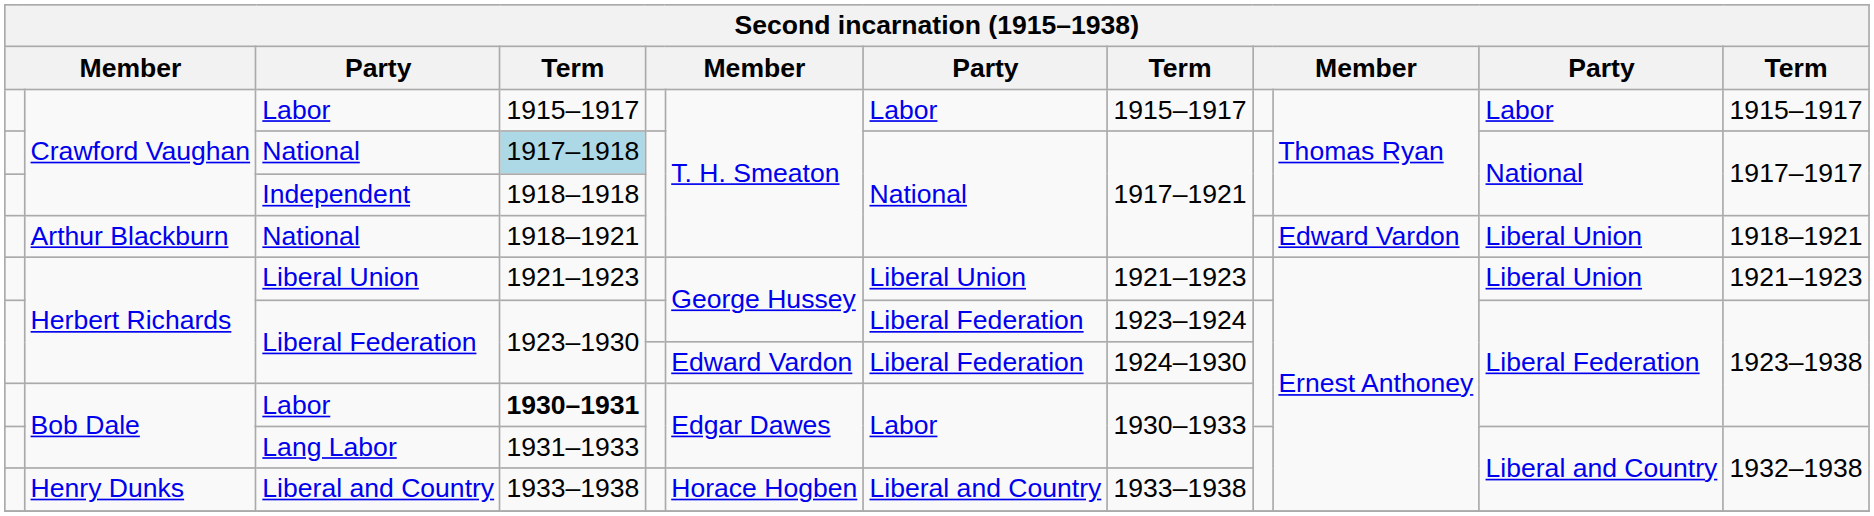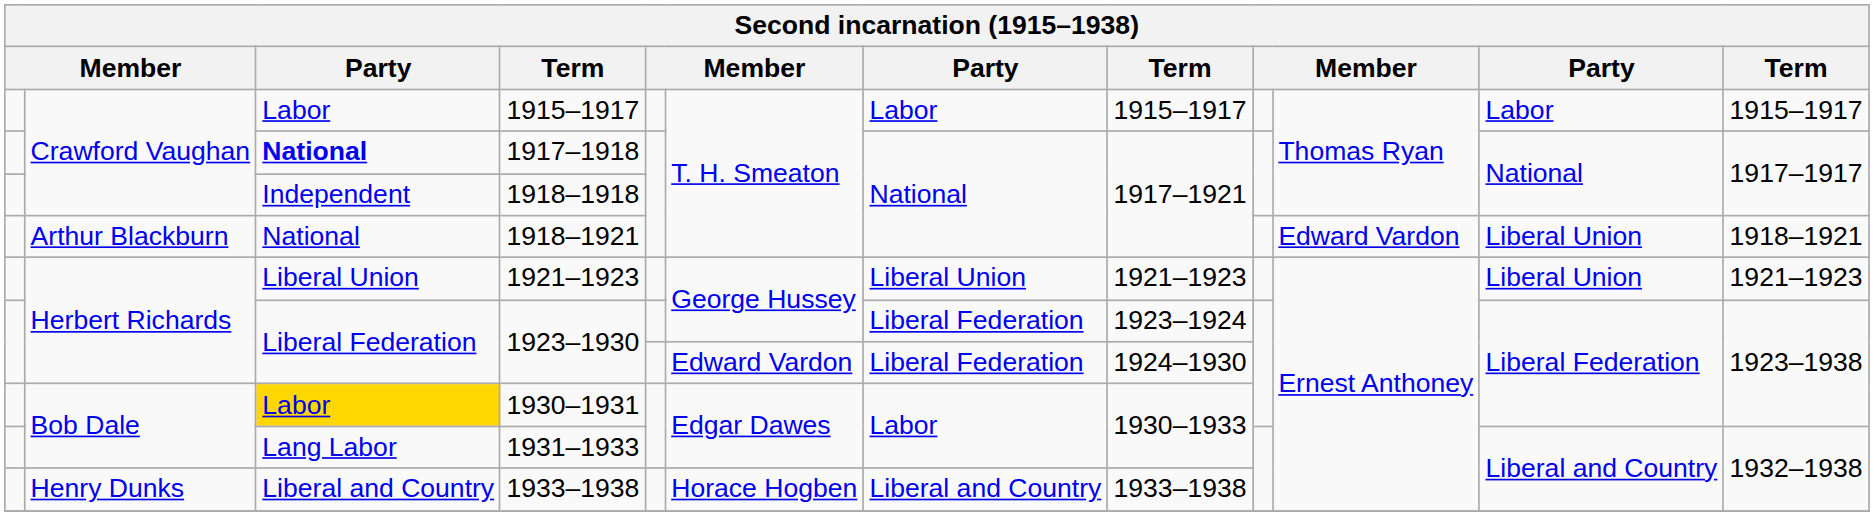 <table class="wikitable">
 <tr>
 <th colspan=12>Second incarnation (1915–1938)</th>
 </tr>
 <tr>
 <th colspan=2>Member</th>
 <th>Party</th>
 <th>Term</th>
 <th colspan=2>Member</th>
 <th>Party</th>
 <th>Term</th>
 <th colspan=2>Member</th>
 <th>Party</th>
 <th>Term</th>
 </tr>
 <tr>
 <td> </td>
 <td rowspan=3><a href='#'>Crawford Vaughan</a></td>
 <td><a href='#'>Labor</a></td>
 <td>1915–1917</td>
 <td> </td>
 <td rowspan=4><a href='#'>T. H. Smeaton</a></td>
 <td><a href='#'>Labor</a></td>
 <td>1915–1917</td>
 <td> </td>
 <td rowspan=3><a href='#'>Thomas Ryan</a></td>
 <td><a href='#'>Labor</a></td>
 <td>1915–1917</td>
 </tr>
 <tr>
 <td> </td>
-<td><a href='#'>National</a></td>
-<td style="background: lightblue;">1917–1918</td>
+<td><strong><a href='#'>National</a></strong></td>
+<td>1917–1918</td>
 <td rowspan=3 > </td>
 <td rowspan=3><a href='#'>National</a></td>
 <td rowspan=3>1917–1921</td>
 <td rowspan=2 > </td>
 <td rowspan=2><a href='#'>National</a></td>
 <td rowspan=2>1917–1917</td>
 </tr>
 <tr>
 <td> </td>
 <td><a href='#'>Independent</a></td>
 <td>1918–1918</td>
 </tr>
 <tr>
 <td> </td>
 <td><a href='#'>Arthur Blackburn</a></td>
 <td><a href='#'>National</a></td>
 <td>1918–1921</td>
 <td> </td>
 <td><a href='#'>Edward Vardon</a></td>
 <td><a href='#'>Liberal Union</a></td>
 <td>1918–1921</td>
 </tr>
 <tr>
 <td> </td>
 <td rowspan=3><a href='#'>Herbert Richards</a></td>
 <td><a href='#'>Liberal Union</a></td>
 <td>1921–1923</td>
 <td> </td>
 <td rowspan=2><a href='#'>George Hussey</a></td>
 <td><a href='#'>Liberal Union</a></td>
 <td>1921–1923</td>
 <td> </td>
 <td rowspan=7><a href='#'>Ernest Anthoney</a></td>
 <td><a href='#'>Liberal Union</a></td>
 <td>1921–1923</td>
 </tr>
 <tr>
 <td rowspan=2 > </td>
 <td rowspan=2><a href='#'>Liberal Federation</a></td>
 <td rowspan=2>1923–1930</td>
 <td> </td>
 <td><a href='#'>Liberal Federation</a></td>
 <td>1923–1924</td>
 <td rowspan=4 > </td>
 <td rowspan=4><a href='#'>Liberal Federation</a></td>
 <td rowspan=4>1923–1938</td>
 </tr>
 <tr>
 <td> </td>
 <td><a href='#'>Edward Vardon</a></td>
 <td><a href='#'>Liberal Federation</a></td>
 <td>1924–1930</td>
 </tr>
 <tr>
 <td> </td>
 <td rowspan=3><a href='#'>Bob Dale</a></td>
-<td><a href='#'>Labor</a></td>
-<td><strong>1930–1931</strong></td>
+<td style="background: gold;"><a href='#'>Labor</a></td>
+<td>1930–1931</td>
 <td rowspan=3 > </td>
 <td rowspan=3><a href='#'>Edgar Dawes</a></td>
 <td rowspan=3><a href='#'>Labor</a></td>
 <td rowspan=3>1930–1933</td>
 </tr>
 <tr>
 <td rowspan=2 > </td>
 <td rowspan=2><a href='#'>Lang Labor</a></td>
 <td rowspan=2>1931–1933</td>
 </tr>
 <tr>
 <td rowspan=2 > </td>
 <td rowspan=2><a href='#'>Liberal and Country</a></td>
 <td rowspan=2>1932–1938</td>
 </tr>
 <tr>
 <td> </td>
 <td><a href='#'>Henry Dunks</a></td>
 <td><a href='#'>Liberal and Country</a></td>
 <td>1933–1938</td>
 <td> </td>
 <td><a href='#'>Horace Hogben</a></td>
 <td><a href='#'>Liberal and Country</a></td>
 <td>1933–1938</td>
 </tr>
 <tr>
 </tr>
 </table>
